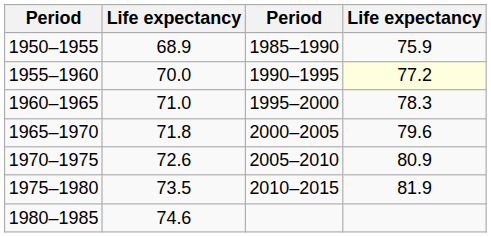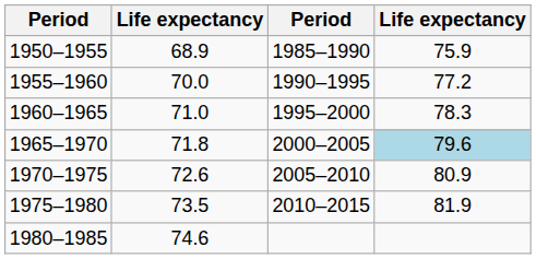 <table class="wikitable" style="text-align:center">
 <tr>
 <th>Period</th>
 <th>Life expectancy</th>
 <th>Period</th>
 <th>Life expectancy</th>
 </tr>
 <tr>
 <td>1950–1955</td>
 <td>68.9</td>
 <td>1985–1990</td>
 <td>75.9</td>
 </tr>
 <tr>
 <td>1955–1960</td>
 <td>70.0</td>
 <td>1990–1995</td>
-<td style="background: lightyellow;">77.2</td>
+<td>77.2</td>
 </tr>
 <tr>
 <td>1960–1965</td>
 <td>71.0</td>
 <td>1995–2000</td>
 <td>78.3</td>
 </tr>
 <tr>
 <td>1965–1970</td>
 <td>71.8</td>
 <td>2000–2005</td>
-<td>79.6</td>
+<td style="background: lightblue;">79.6</td>
 </tr>
 <tr>
 <td>1970–1975</td>
 <td>72.6</td>
 <td>2005–2010</td>
 <td>80.9</td>
 </tr>
 <tr>
 <td>1975–1980</td>
 <td>73.5</td>
 <td>2010–2015</td>
 <td>81.9</td>
 </tr>
 <tr>
 <td>1980–1985</td>
 <td>74.6</td>
 <td></td>
 <td></td>
 </tr>
 </table>
